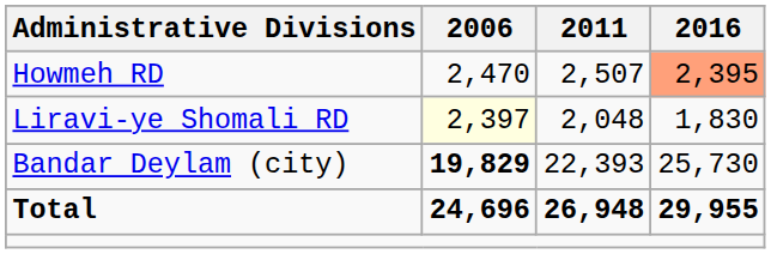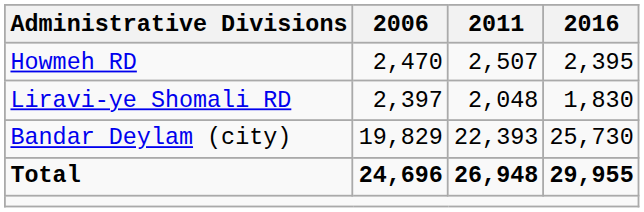 <table class="wikitable">
 <tr>
 <th>Administrative Divisions</th>
 <th>2006</th>
 <th>2011</th>
 <th>2016</th>
 </tr>
 <tr>
 <td><a href='#'>Howmeh RD</a></td>
 <td style="text-align: right;">2,470</td>
 <td style="text-align: right;">2,507</td>
-<td style="background: lightsalmon; text-align: right;">2,395</td>
+<td style="text-align: right;">2,395</td>
 </tr>
 <tr>
 <td><a href='#'>Liravi-ye Shomali RD</a></td>
-<td style="background: lightyellow; text-align: right;">2,397</td>
+<td style="text-align: right;">2,397</td>
 <td style="text-align: right;">2,048</td>
 <td style="text-align: right;">1,830</td>
 </tr>
 <tr>
 <td><a href='#'>Bandar Deylam</a> (city)</td>
-<td style="text-align: right;"><strong>19,829</strong></td>
+<td style="text-align: right;">19,829</td>
 <td style="text-align: right;">22,393</td>
 <td style="text-align: right;">25,730</td>
 </tr>
 <tr>
 <td><strong>Total</strong></td>
 <td style="text-align: right;"><strong>24,696</strong></td>
 <td style="text-align: right;"><strong>26,948</strong></td>
 <td style="text-align: right;"><strong>29,955</strong></td>
 </tr>
 <tr>
 <td colspan=4></td>
 </tr>
 </table>
